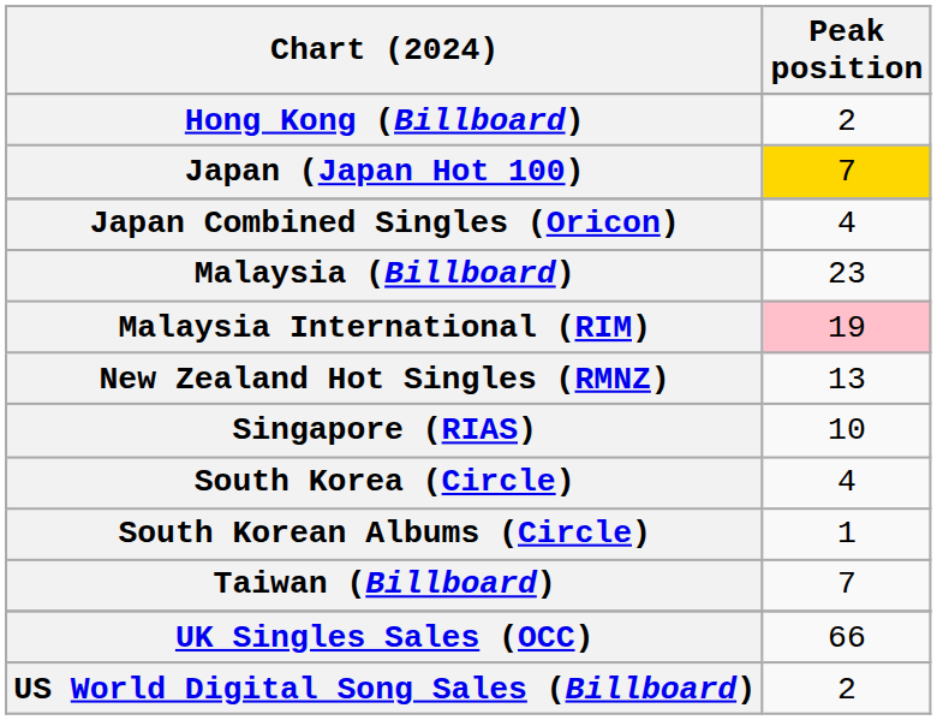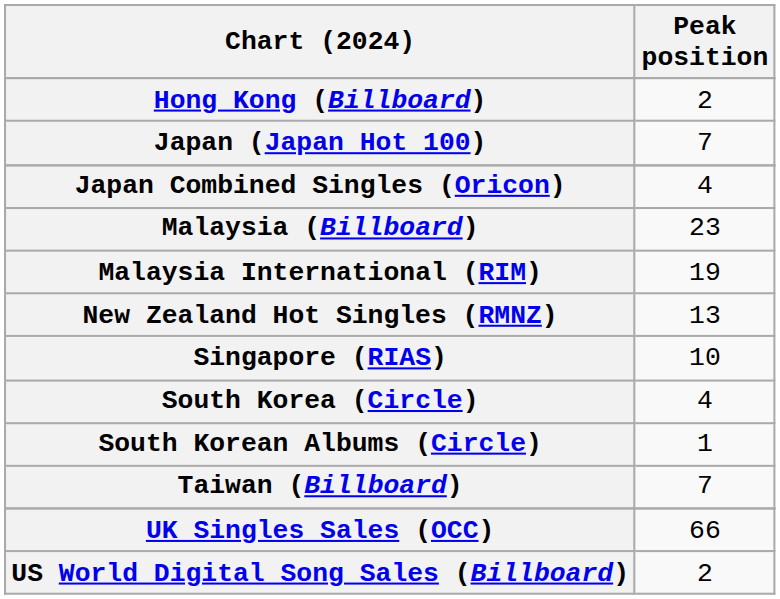 <table class="wikitable sortable plainrowheaders" style="text-align:center">
 <tr>
 <th scope="col">Chart (2024)</th>
 <th scope="col">Peak<br>position</th>
 </tr>
 <tr>
 </tr>
 <tr>
 </tr>
 <tr>
 <th scope="row"><a href='#'>Hong Kong</a> (<em><a href='#'>Billboard</a></em>)</th>
 <td>2</td>
 </tr>
 <tr>
 <th scope="row">Japan (<a href='#'>Japan Hot 100</a>)</th>
-<td style="background: gold;">7</td>
+<td>7</td>
 </tr>
 <tr>
 </tr>
 <tr>
 <th scope="row">Japan Combined Singles (<a href='#'>Oricon</a>)</th>
 <td>4</td>
 </tr>
 <tr>
 <th scope="row">Malaysia (<em><a href='#'>Billboard</a></em>)</th>
 <td>23</td>
 </tr>
 <tr>
 <th scope="row">Malaysia International (<a href='#'>RIM</a>)</th>
-<td style="background: pink;">19</td>
+<td>19</td>
 </tr>
 <tr>
 <th scope="row">New Zealand Hot Singles (<a href='#'>RMNZ</a>)</th>
 <td>13</td>
 </tr>
 <tr>
 <th scope="row">Singapore (<a href='#'>RIAS</a>)</th>
 <td>10</td>
 </tr>
 <tr>
 <th scope="row">South Korea (<a href='#'>Circle</a>)</th>
 <td>4</td>
 </tr>
 <tr>
 <th scope="row">South Korean Albums (<a href='#'>Circle</a>)</th>
 <td>1</td>
 </tr>
 <tr>
 <th scope="row">Taiwan (<em><a href='#'>Billboard</a></em>)</th>
 <td>7</td>
 </tr>
 <tr>
 </tr>
 <tr>
 <th scope="row"><a href='#'>UK Singles Sales</a> (<a href='#'>OCC</a>)</th>
 <td>66</td>
 </tr>
 <tr>
 <th scope="row">US <a href='#'>World Digital Song Sales</a> (<em><a href='#'>Billboard</a></em>)</th>
 <td>2</td>
 </tr>
 </table>
